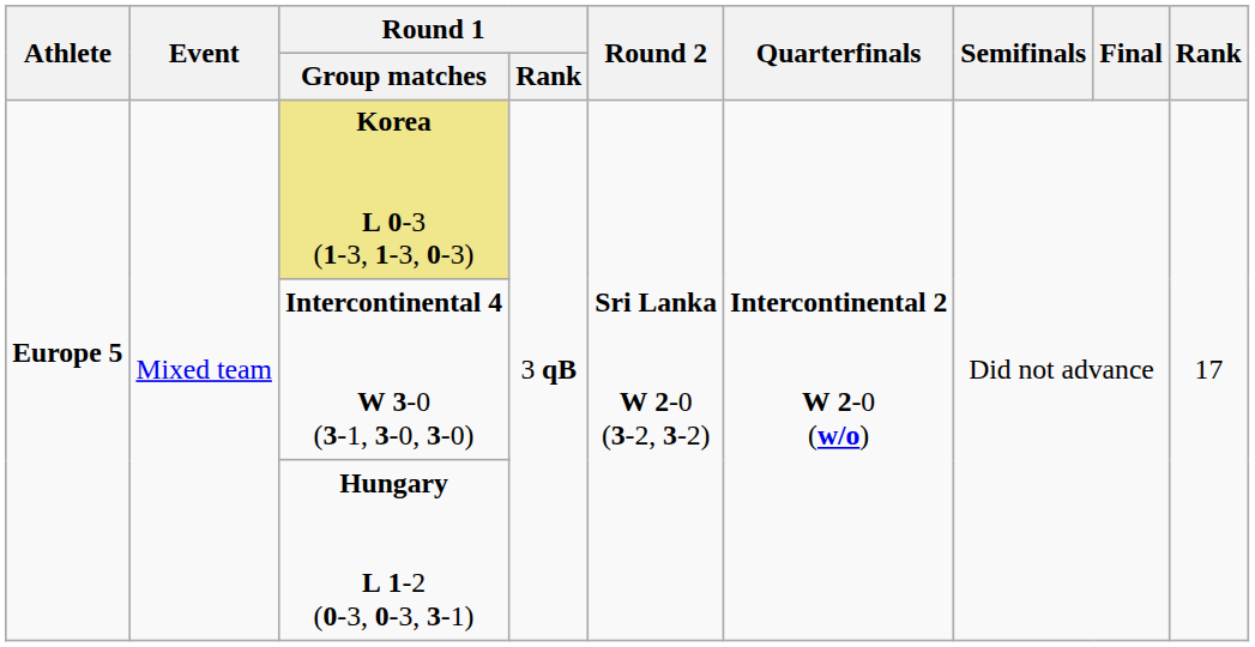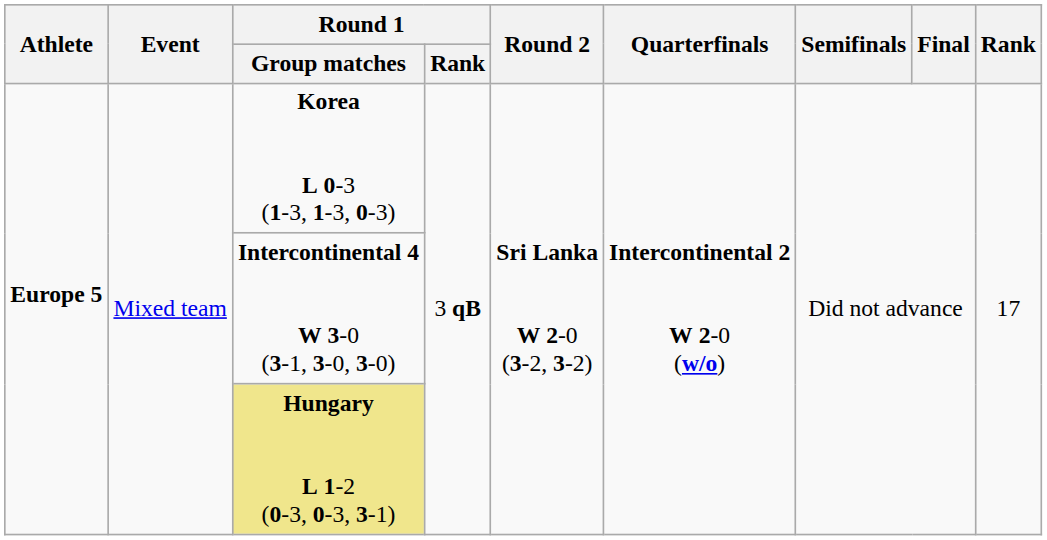 <table class="wikitable" border="1" style="font-size:90%">
 <tr>
 <th rowspan=2>Athlete</th>
 <th rowspan=2>Event</th>
 <th colspan=2>Round 1</th>
 <th rowspan=2>Round 2</th>
 <th rowspan=2>Quarterfinals</th>
 <th rowspan=2>Semifinals</th>
 <th rowspan=2>Final</th>
 <th rowspan=2>Rank</th>
 </tr>
 <tr>
 <th>Group matches</th>
 <th>Rank</th>
 </tr>
 <tr>
 <td rowspan=3><strong>Europe 5</strong><br><br></td>
 <td rowspan=3><a href='#'>Mixed team</a></td>
-<td align=center style="background: khaki;"><strong>Korea</strong><br><br><br> <strong>L</strong> <strong>0</strong>-3 <br> (<strong>1</strong>-3, <strong>1</strong>-3, <strong>0</strong>-3)</td>
+<td align=center><strong>Korea</strong><br><br><br> <strong>L</strong> <strong>0</strong>-3 <br> (<strong>1</strong>-3, <strong>1</strong>-3, <strong>0</strong>-3)</td>
 <td rowspan=3 align=center>3 <strong>qB</strong></td>
 <td align=center rowspan=3><strong>Sri Lanka</strong><br><br><br> <strong>W</strong> <strong>2</strong>-0 <br> (<strong>3</strong>-2, <strong>3</strong>-2)</td>
 <td align=center rowspan=3><strong>Intercontinental 2</strong><br><br><br> <strong>W</strong> <strong>2</strong>-0 <br> (<strong><a href='#'>w/o</a></strong>)</td>
 <td rowspan=3 colspan=2 align=center>Did not advance</td>
 <td rowspan=3 align=center>17</td>
 </tr>
 <tr>
 <td align=center><strong>Intercontinental 4</strong><br><br><br> <strong>W</strong> <strong>3</strong>-0 <br> (<strong>3</strong>-1, <strong>3</strong>-0, <strong>3</strong>-0)</td>
 </tr>
 <tr>
-<td align=center><strong>Hungary</strong><br><br><br> <strong>L</strong> <strong>1</strong>-2 <br> (<strong>0</strong>-3, <strong>0</strong>-3, <strong>3</strong>-1)</td>
+<td align=center style="background: khaki;"><strong>Hungary</strong><br><br><br> <strong>L</strong> <strong>1</strong>-2 <br> (<strong>0</strong>-3, <strong>0</strong>-3, <strong>3</strong>-1)</td>
 </tr>
 </table>
